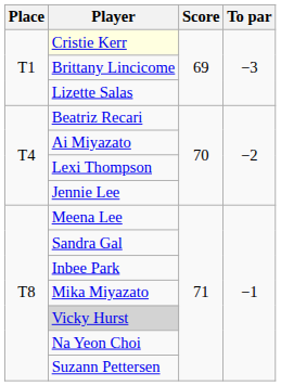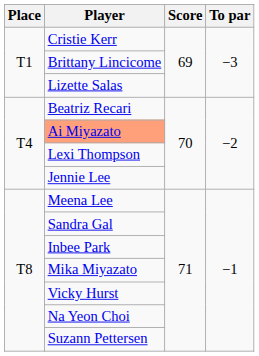 <table class="wikitable">
 <tr>
 <th>Place</th>
 <th>Player</th>
 <th>Score</th>
 <th>To par</th>
 </tr>
 <tr>
 <td align=center rowspan=3>T1</td>
-<td style="background: lightyellow;"> <a href='#'>Cristie Kerr</a></td>
+<td> <a href='#'>Cristie Kerr</a></td>
 <td align=center rowspan=3>69</td>
 <td align=center rowspan=3>−3</td>
 </tr>
 <tr>
 <td> <a href='#'>Brittany Lincicome</a></td>
 </tr>
 <tr>
 <td> <a href='#'>Lizette Salas</a></td>
 </tr>
 <tr>
 <td align=center rowspan=4>T4</td>
 <td> <a href='#'>Beatriz Recari</a></td>
 <td align=center rowspan=4>70</td>
 <td align=center rowspan=4>−2</td>
 </tr>
 <tr>
-<td> <a href='#'>Ai Miyazato</a></td>
+<td style="background: lightsalmon;"> <a href='#'>Ai Miyazato</a></td>
 </tr>
 <tr>
 <td> <a href='#'>Lexi Thompson</a></td>
 </tr>
 <tr>
 <td> <a href='#'>Jennie Lee</a></td>
 </tr>
 <tr>
 <td align=center rowspan=7>T8</td>
 <td> <a href='#'>Meena Lee</a></td>
 <td align=center rowspan=7>71</td>
 <td align=center rowspan=7>−1</td>
 </tr>
 <tr>
 <td> <a href='#'>Sandra Gal</a></td>
 </tr>
 <tr>
 <td> <a href='#'>Inbee Park</a></td>
 </tr>
 <tr>
 <td> <a href='#'>Mika Miyazato</a></td>
 </tr>
 <tr>
-<td style="background: lightgrey;"> <a href='#'>Vicky Hurst</a></td>
+<td> <a href='#'>Vicky Hurst</a></td>
 </tr>
 <tr>
 <td> <a href='#'>Na Yeon Choi</a></td>
 </tr>
 <tr>
 <td> <a href='#'>Suzann Pettersen</a></td>
 </tr>
 </table>
